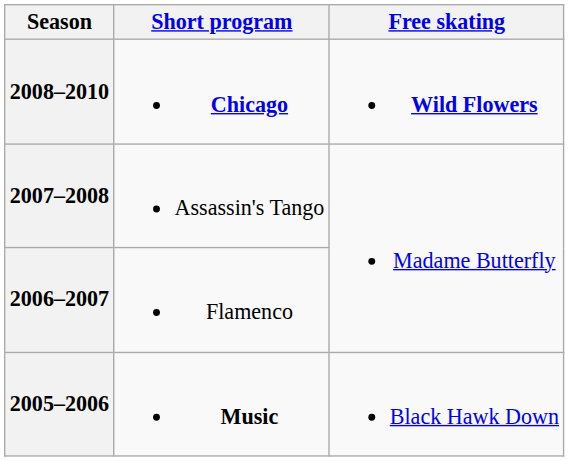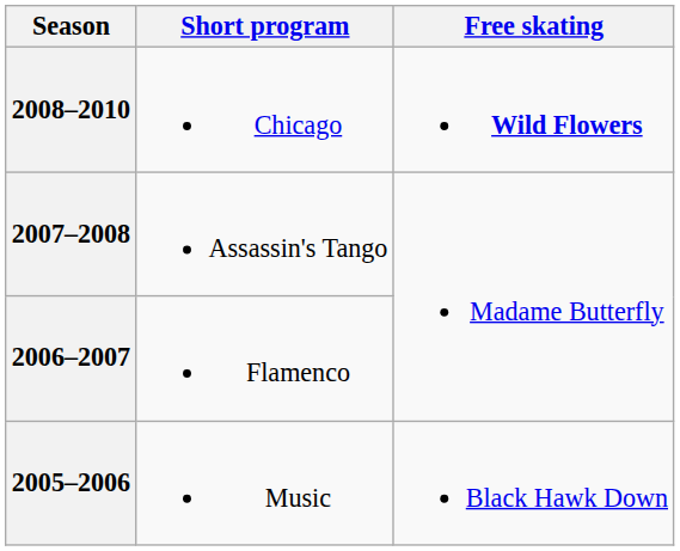 <table class=wikitable style=text-align:center>
 <tr>
 <th>Season</th>
 <th><a href='#'>Short program</a></th>
 <th><a href='#'>Free skating</a></th>
 </tr>
 <tr>
 <th>2008–2010 <br> </th>
-<td><strong><br><ul><li><a href='#'>Chicago</a> <br></li></ul></strong></td>
+<td><br><ul><li><a href='#'>Chicago</a> <br></li></ul></td>
 <td><strong><br><ul><li><a href='#'>Wild Flowers</a> <br></li></ul></strong></td>
 </tr>
 <tr>
 <th>2007–2008 <br> </th>
 <td><br><ul><li>Assassin's Tango <br></li></ul></td>
 <td rowspan=2><br><ul><li><a href='#'>Madame Butterfly</a> <br></li></ul></td>
 </tr>
 <tr>
 <th>2006–2007 <br> </th>
 <td><br><ul><li>Flamenco</li></ul></td>
 </tr>
 <tr>
 <th>2005–2006 <br> </th>
-<td><strong><br><ul><li>Music <br></li></ul></strong></td>
+<td><br><ul><li>Music <br></li></ul></td>
 <td><br><ul><li><a href='#'>Black Hawk Down</a> <br></li></ul></td>
 </tr>
 </table>
